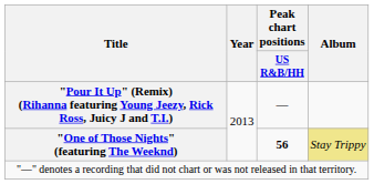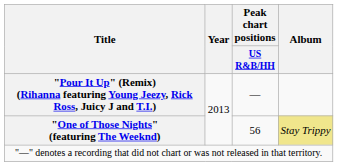 <table class="wikitable plainrowheaders" style="text-align:center;">
 <tr>
 <th scope="col" rowspan="2" style="width:18em;">Title</th>
 <th scope="col" rowspan="2">Year</th>
 <th>Peak chart positions</th>
 <th scope="col" rowspan="2">Album</th>
 </tr>
 <tr>
 <th scope="col" style="width:3em;font-size:90%;"><a href='#'>US<br>R&B/HH</a><br></th>
 </tr>
 <tr>
 <th scope="row">"<a href='#'>Pour It Up</a>" (Remix)<br><span>(<a href='#'>Rihanna</a> featuring <a href='#'>Young Jeezy</a>, <a href='#'>Rick Ross</a>, Juicy J and <a href='#'>T.I.</a>)</span></th>
 <td rowspan="2">2013</td>
 <td>—</td>
 <td></td>
 </tr>
 <tr>
 <th scope="row">"<a href='#'>One of Those Nights</a>"<br><span>(featuring <a href='#'>The Weeknd</a>)</span></th>
-<td><strong>56</strong></td>
+<td>56</td>
 <td style="background: khaki;"><em>Stay Trippy</em></td>
 </tr>
 <tr>
 <td colspan="13" style="font-size:90%">"—" denotes a recording that did not chart or was not released in that territory.</td>
 </tr>
 </table>
